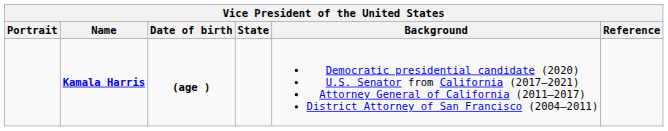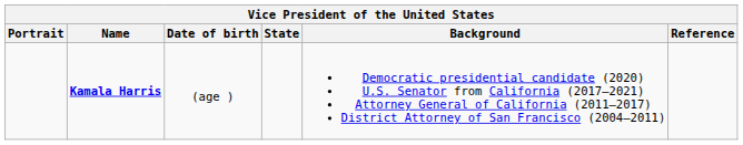 <table class="wikitable collapsible" style="text-align:center;">
 <tr>
 <th colspan="6">Vice President of the United States</th>
 </tr>
 <tr>
 <th>Portrait</th>
 <th>Name</th>
 <th>Date of birth</th>
 <th>State</th>
 <th>Background</th>
 <th>Reference</th>
 </tr>
 <tr>
 <td></td>
 <td><strong><a href='#'>Kamala Harris</a></strong></td>
-<td><strong><br>(age )</strong></td>
+<td><br>(age )</td>
 <td></td>
 <td><br><ul><li><a href='#'>Democratic presidential candidate</a> (2020)</li><li><a href='#'>U.S. Senator</a> from <a href='#'>California</a> (2017–2021)</li><li><a href='#'>Attorney General of California</a> (2011–2017)</li><li><a href='#'>District Attorney of San Francisco</a> (2004–2011)</li></ul></td>
 <td></td>
 </tr>
 </table>
